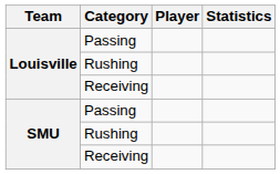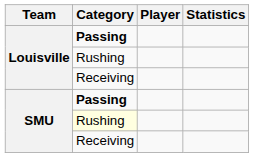 <table class="wikitable" style="float:right">
 <tr>
 <th>Team</th>
 <th>Category</th>
 <th>Player</th>
 <th>Statistics</th>
 </tr>
 <tr>
 <th rowspan=3>Louisville</th>
-<td>Passing</td>
+<td><strong>Passing</strong></td>
 <td></td>
 <td></td>
 </tr>
 <tr>
 <td>Rushing</td>
 <td></td>
 <td></td>
 </tr>
 <tr>
 <td>Receiving</td>
 <td></td>
 <td></td>
 </tr>
 <tr>
 <th rowspan=3>SMU</th>
-<td>Passing</td>
+<td><strong>Passing</strong></td>
 <td></td>
 <td></td>
 </tr>
 <tr>
-<td>Rushing</td>
+<td style="background: lightyellow;">Rushing</td>
 <td></td>
 <td></td>
 </tr>
 <tr>
 <td>Receiving</td>
 <td></td>
 <td></td>
 </tr>
 </table>
